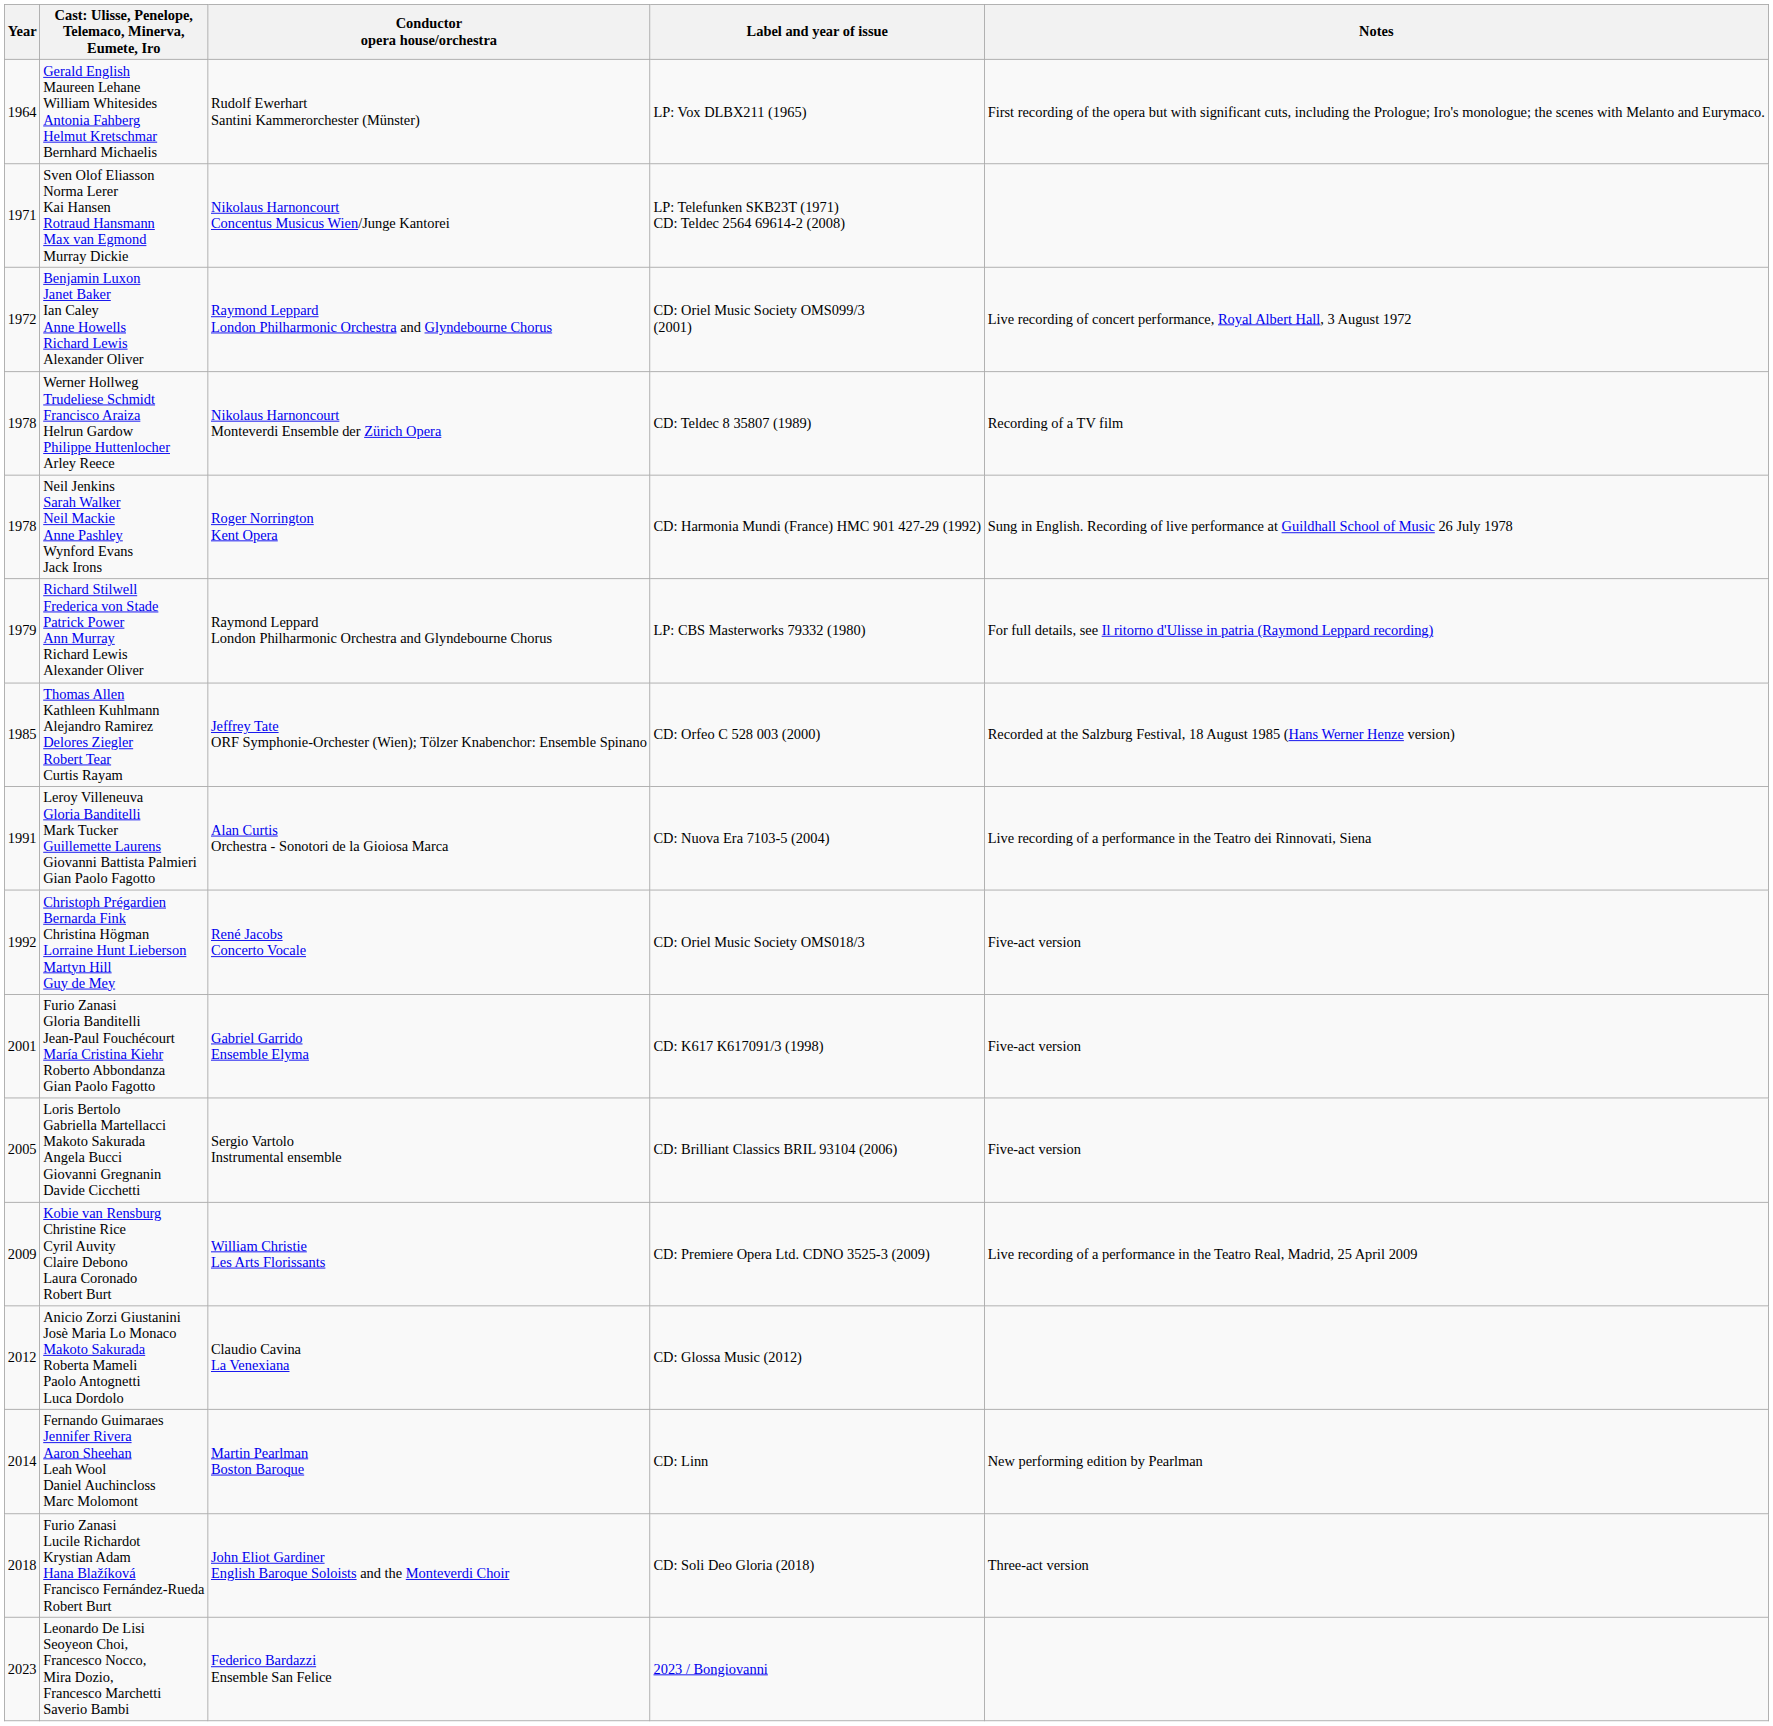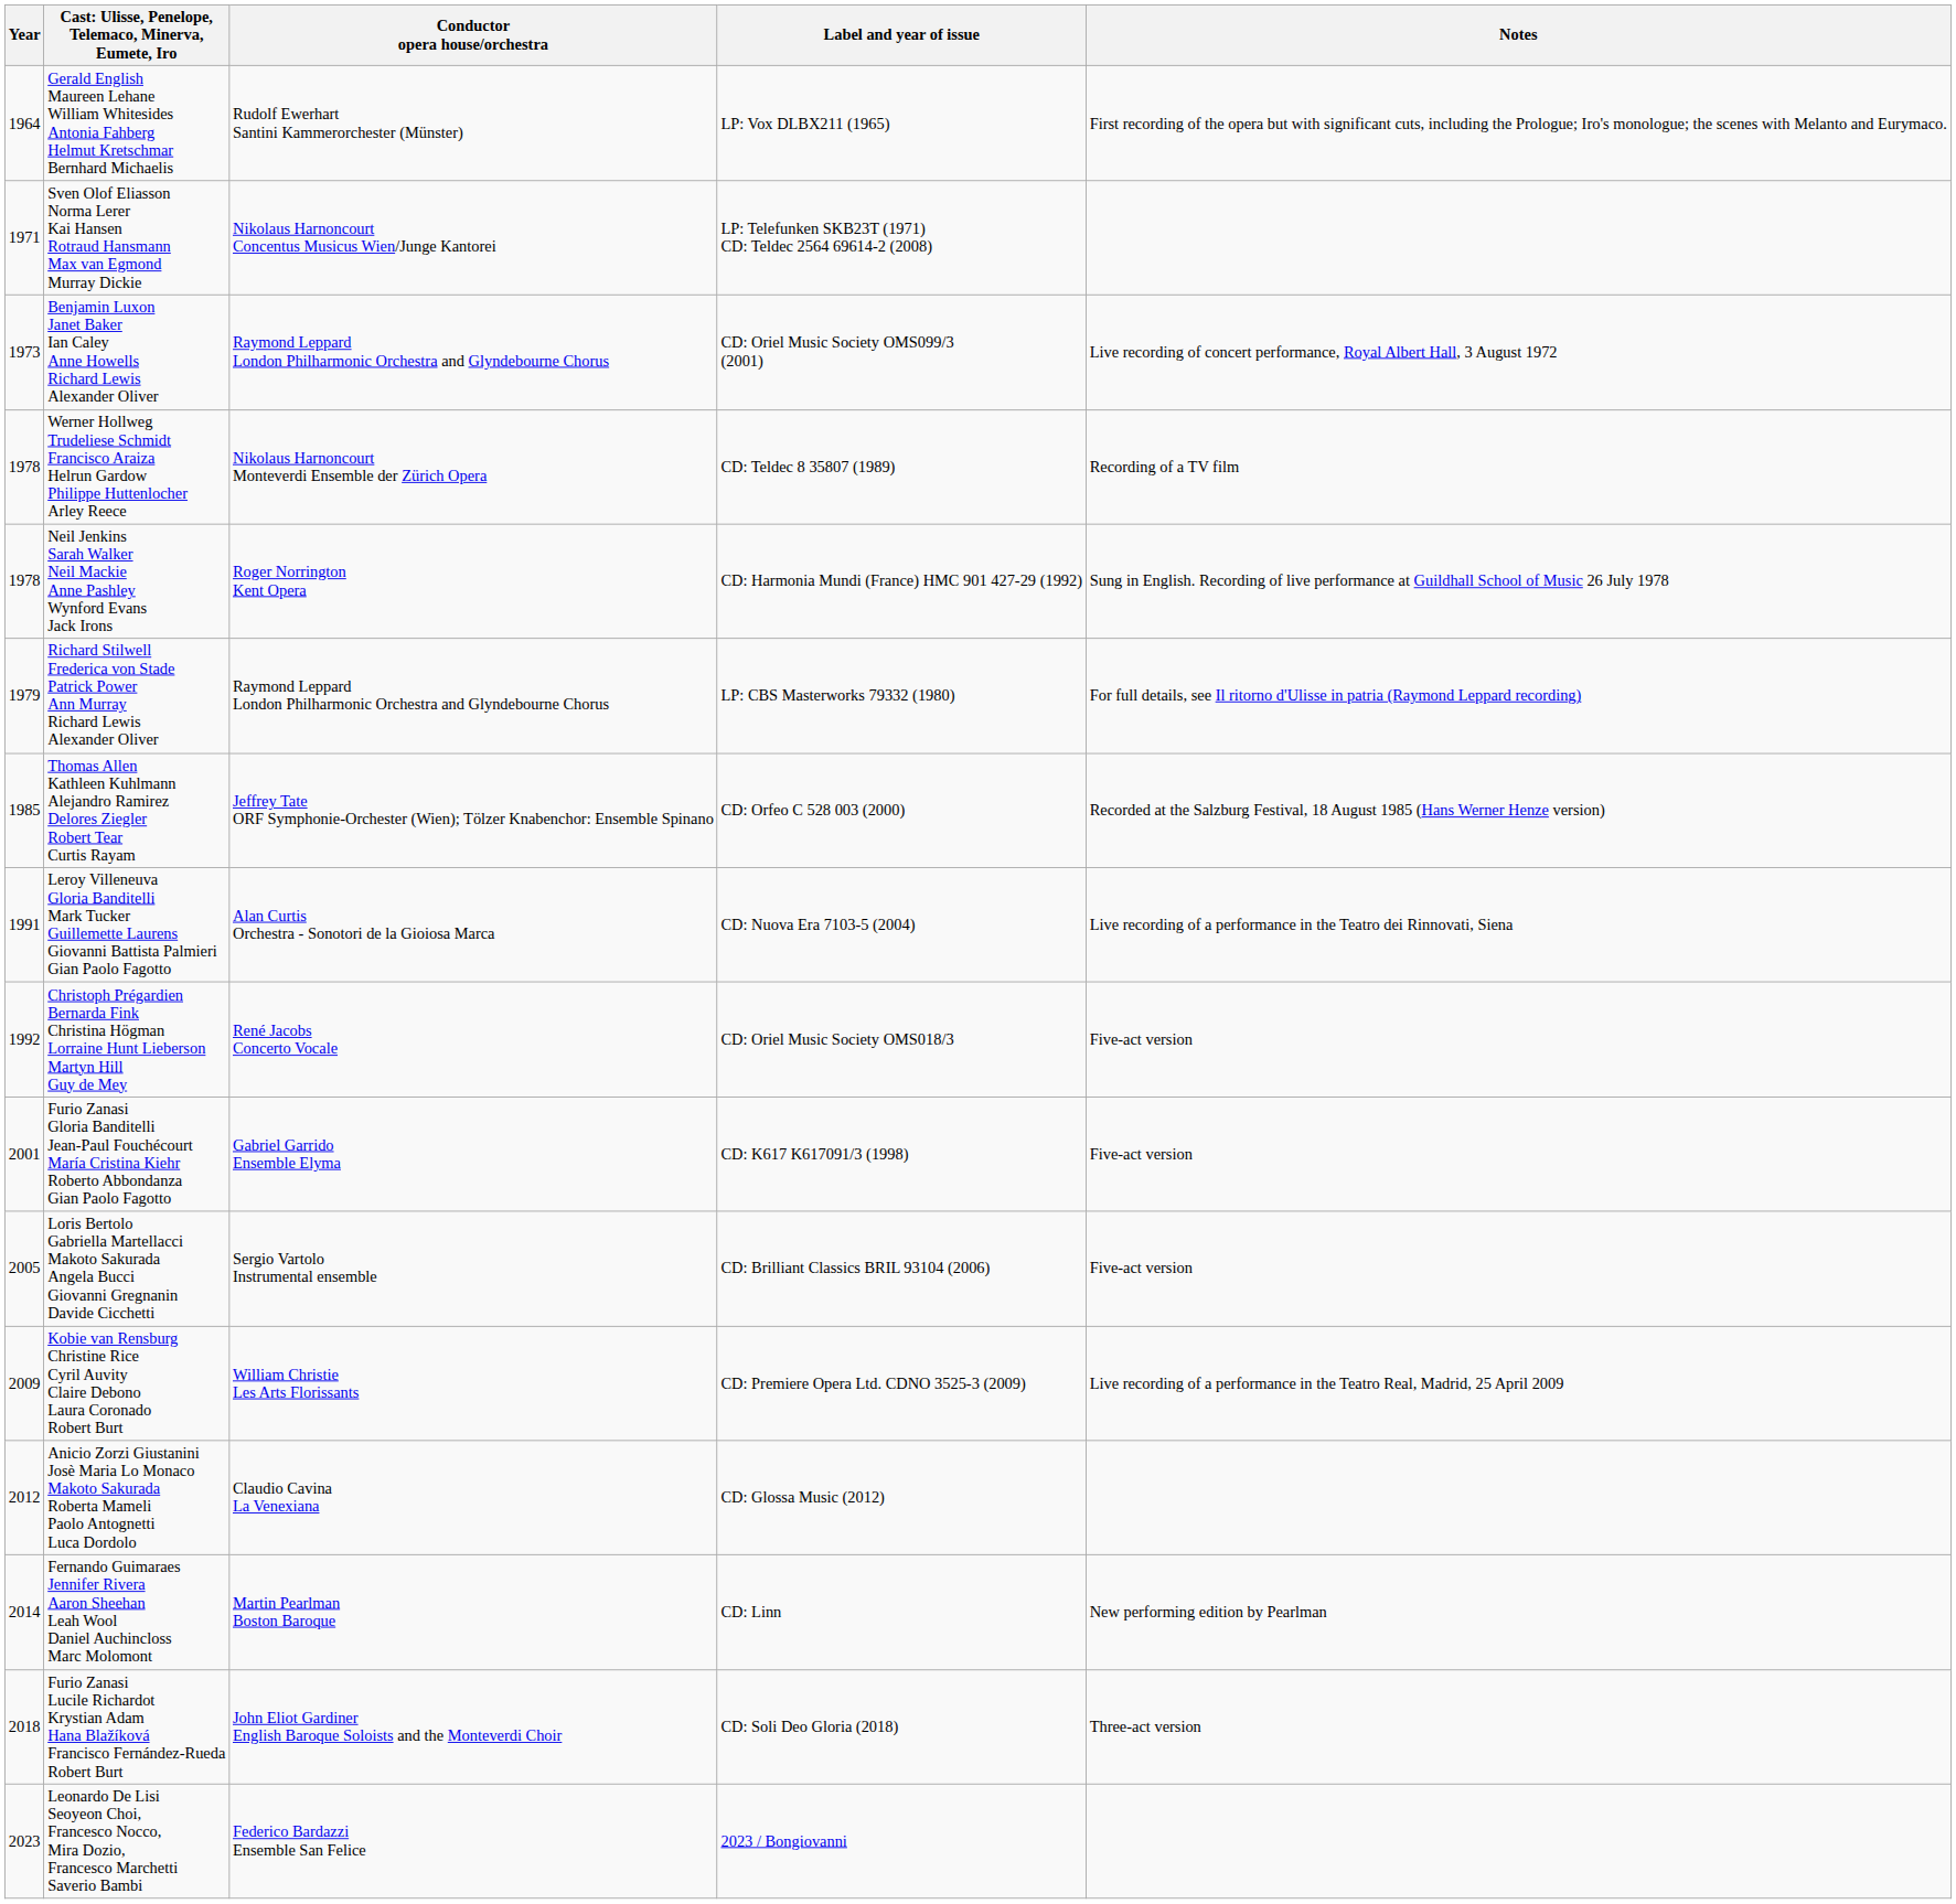 <table class= "wikitable">
 <tr>
 <th>Year</th>
 <th>Cast: Ulisse, Penelope,<br>Telemaco, Minerva,<br>Eumete, Iro</th>
 <th>Conductor<br>opera house/orchestra</th>
 <th>Label and year of issue</th>
 <th>Notes</th>
 </tr>
 <tr>
 <td align= "center">1964</td>
 <td><a href='#'>Gerald English</a><br>Maureen Lehane<br>William Whitesides<br><a href='#'>Antonia Fahberg</a><br><a href='#'>Helmut Kretschmar</a><br>Bernhard Michaelis</td>
 <td>Rudolf Ewerhart<br> Santini Kammerorchester (Münster)</td>
 <td>LP: Vox DLBX211 (1965)</td>
 <td>First recording of the opera but with significant cuts, including the Prologue; Iro's monologue; the scenes with Melanto and Eurymaco.</td>
 </tr>
 <tr>
 <td align= "center">1971</td>
 <td>Sven Olof Eliasson<br>Norma Lerer<br>Kai Hansen<br><a href='#'>Rotraud Hansmann</a><br><a href='#'>Max van Egmond</a><br>Murray Dickie</td>
 <td><a href='#'>Nikolaus Harnoncourt</a><br><a href='#'>Concentus Musicus Wien</a>/Junge Kantorei</td>
 <td>LP: Telefunken SKB23T (1971)<br>CD: Teldec 2564 69614-2 (2008)</td>
 <td></td>
 </tr>
 <tr>
-<td align= "center">1972</td>
+<td align= "center">1973</td>
 <td><a href='#'>Benjamin Luxon</a><br><a href='#'>Janet Baker</a><br>Ian Caley<br><a href='#'>Anne Howells</a><br><a href='#'>Richard Lewis</a><br>Alexander Oliver</td>
 <td><a href='#'>Raymond Leppard</a><br><a href='#'>London Philharmonic Orchestra</a> and <a href='#'>Glyndebourne Chorus</a></td>
 <td>CD: Oriel Music Society OMS099/3<br>(2001)</td>
 <td>Live recording of concert performance, <a href='#'>Royal Albert Hall</a>, 3 August 1972</td>
 </tr>
 <tr>
 <td align= "center">1978</td>
 <td>Werner Hollweg<br><a href='#'>Trudeliese Schmidt</a><br><a href='#'>Francisco Araiza</a><br>Helrun Gardow<br><a href='#'>Philippe Huttenlocher</a><br>Arley Reece</td>
 <td><a href='#'>Nikolaus Harnoncourt</a><br>Monteverdi Ensemble der <a href='#'>Zürich Opera</a></td>
 <td>CD: Teldec 8 35807 (1989)</td>
 <td>Recording of a TV film</td>
 </tr>
 <tr>
 <td align= "center">1978</td>
 <td>Neil Jenkins<br><a href='#'>Sarah Walker</a><br><a href='#'>Neil Mackie</a><br><a href='#'>Anne Pashley</a><br>Wynford Evans<br>Jack Irons</td>
 <td><a href='#'>Roger Norrington</a><br><a href='#'>Kent Opera</a></td>
 <td>CD: Harmonia Mundi (France) HMC 901 427-29 (1992)</td>
 <td>Sung in English. Recording of live performance at <a href='#'>Guildhall School of Music</a> 26 July 1978</td>
 </tr>
 <tr>
 <td align= "center">1979</td>
 <td><a href='#'>Richard Stilwell</a><br><a href='#'>Frederica von Stade</a><br><a href='#'>Patrick Power</a><br><a href='#'>Ann Murray</a><br>Richard Lewis<br>Alexander Oliver</td>
 <td>Raymond Leppard<br>London Philharmonic Orchestra and Glyndebourne Chorus</td>
 <td>LP: CBS Masterworks 79332 (1980)</td>
 <td>For full details, see <a href='#'>Il ritorno d'Ulisse in patria (Raymond Leppard recording)</a></td>
 </tr>
 <tr>
 <td align= "center">1985</td>
 <td><a href='#'>Thomas Allen</a><br>Kathleen Kuhlmann<br>Alejandro Ramirez<br><a href='#'>Delores Ziegler</a><br><a href='#'>Robert Tear</a><br>Curtis Rayam</td>
 <td><a href='#'>Jeffrey Tate</a><br>ORF Symphonie-Orchester (Wien); Tölzer Knabenchor: Ensemble Spinano</td>
 <td>CD: Orfeo C 528 003 (2000)</td>
 <td>Recorded at the Salzburg Festival, 18 August 1985 (<a href='#'>Hans Werner Henze</a> version)</td>
 </tr>
 <tr>
 <td align= "center">1991</td>
 <td>Leroy Villeneuva<br><a href='#'>Gloria Banditelli</a><br>Mark Tucker<br><a href='#'>Guillemette Laurens</a><br>Giovanni Battista Palmieri<br>Gian Paolo Fagotto</td>
 <td><a href='#'>Alan Curtis</a><br>Orchestra - Sonotori de la Gioiosa Marca</td>
 <td>CD: Nuova Era 7103-5 (2004)</td>
 <td>Live recording of a performance in the Teatro dei Rinnovati, Siena</td>
 </tr>
 <tr>
 <td align= "center">1992</td>
 <td><a href='#'>Christoph Prégardien</a><br><a href='#'>Bernarda Fink</a><br>Christina Högman<br><a href='#'>Lorraine Hunt Lieberson</a><br><a href='#'>Martyn Hill</a><br><a href='#'>Guy de Mey</a></td>
 <td><a href='#'>René Jacobs</a><br><a href='#'>Concerto Vocale</a></td>
 <td>CD: Oriel Music Society OMS018/3</td>
 <td>Five-act version</td>
 </tr>
 <tr>
 <td align= "center">2001</td>
 <td>Furio Zanasi<br>Gloria Banditelli<br>Jean-Paul Fouchécourt<br><a href='#'>María Cristina Kiehr</a><br>Roberto Abbondanza<br>Gian Paolo Fagotto</td>
 <td><a href='#'>Gabriel Garrido</a><br><a href='#'>Ensemble Elyma</a></td>
 <td>CD: K617 K617091/3 (1998)</td>
 <td>Five-act version</td>
 </tr>
 <tr>
 <td align= "center">2005</td>
 <td>Loris Bertolo<br>Gabriella Martellacci<br>Makoto Sakurada<br>Angela Bucci<br>Giovanni Gregnanin<br>Davide Cicchetti</td>
 <td>Sergio Vartolo<br>Instrumental ensemble</td>
 <td>CD: Brilliant Classics BRIL 93104 (2006)</td>
 <td>Five-act version</td>
 </tr>
 <tr>
 <td align= "center">2009</td>
 <td><a href='#'>Kobie van Rensburg</a><br>Christine Rice<br>Cyril Auvity<br>Claire Debono<br>Laura Coronado<br>Robert Burt</td>
 <td><a href='#'>William Christie</a><br><a href='#'>Les Arts Florissants</a></td>
 <td>CD: Premiere Opera Ltd. CDNO 3525-3 (2009)</td>
 <td>Live recording of a performance in the Teatro Real, Madrid, 25 April 2009</td>
 </tr>
 <tr>
 <td align= "center">2012</td>
 <td>Anicio Zorzi Giustanini <br>Josè Maria Lo Monaco <br><a href='#'>Makoto Sakurada</a> <br>Roberta Mameli <br>Paolo Antognetti <br>Luca Dordolo</td>
 <td>Claudio Cavina<br><a href='#'>La Venexiana</a></td>
 <td>CD: Glossa Music (2012)</td>
 <td></td>
 </tr>
 <tr>
 <td align="center">2014</td>
 <td>Fernando Guimaraes <br> <a href='#'>Jennifer Rivera</a> <br> <a href='#'>Aaron Sheehan</a> <br> Leah Wool <br> Daniel Auchincloss <br> Marc Molomont</td>
 <td><a href='#'>Martin Pearlman</a><br><a href='#'>Boston Baroque</a></td>
 <td>CD: Linn</td>
 <td>New performing edition by Pearlman</td>
 </tr>
 <tr>
 <td align="center">2018</td>
 <td>Furio Zanasi <br> Lucile Richardot <br> Krystian Adam <br> <a href='#'>Hana Blažíková</a> <br> Francisco Fernández-Rueda <br> Robert Burt</td>
 <td><a href='#'>John Eliot Gardiner</a><br><a href='#'>English Baroque Soloists</a> and the <a href='#'>Monteverdi Choir</a></td>
 <td>CD: Soli Deo Gloria (2018)</td>
 <td>Three-act version</td>
 </tr>
 <tr>
 <td align= "center">2023</td>
 <td>Leonardo De Lisi<br>Seoyeon Choi,<br>Francesco Nocco,<br>Mira Dozio,<br>Francesco Marchetti<br>Saverio Bambi</td>
 <td><a href='#'>Federico Bardazzi</a><br>Ensemble San Felice</td>
 <td><a href='#'>2023 / Bongiovanni</a></td>
 <td></td>
 </tr>
 </table>
